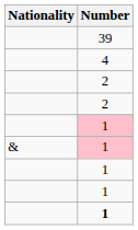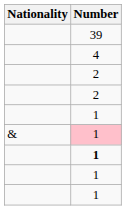 <table class="sortable wikitable">
 <tr>
 <th>Nationality</th>
 <th>Number</th>
 </tr>
 <tr>
 <td></td>
 <td align=center>39</td>
 </tr>
 <tr>
 <td></td>
 <td align=center>4</td>
 </tr>
 <tr>
 <td></td>
 <td align=center>2</td>
 </tr>
 <tr>
 <td></td>
 <td align=center>2</td>
 </tr>
 <tr>
 <td></td>
-<td align=center style="background: pink;">1</td>
+<td align=center>1</td>
 </tr>
 <tr>
 <td> & </td>
 <td align=center style="background: pink;">1</td>
+</tr>
+<tr>
+<td></td>
+<td align=center><strong>1</strong></td>
 </tr>
 <tr>
 <td></td>
 <td align=center>1</td>
 </tr>
 <tr>
 <td></td>
 <td align=center>1</td>
 </tr>
-<tr>
-<td></td>
-<td align=center><strong>1</strong></td>
-</tr>
 </table>
